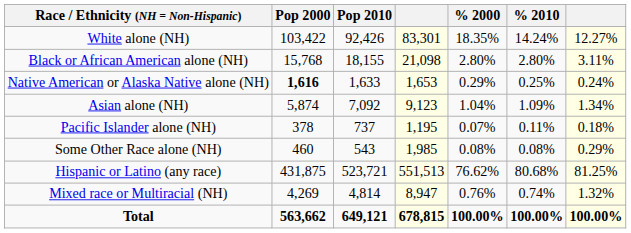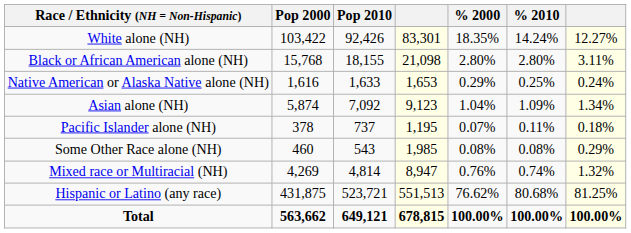 <table class="wikitable" style="text-align:center;">
 <tr>
 <th>Race / Ethnicity <small>(<em>NH = Non-Hispanic</em>)</small></th>
 <th>Pop 2000</th>
 <th>Pop 2010</th>
 <th></th>
 <th>% 2000</th>
 <th>% 2010</th>
 <th></th>
 </tr>
 <tr>
 <td><a href='#'>White</a> alone (NH)</td>
 <td>103,422</td>
 <td>92,426</td>
 <td style='background: #ffffe6;'>83,301</td>
 <td>18.35%</td>
 <td>14.24%</td>
 <td style='background: #ffffe6;'>12.27%</td>
 </tr>
 <tr>
 <td><a href='#'>Black or African American</a> alone (NH)</td>
 <td>15,768</td>
 <td>18,155</td>
 <td style='background: #ffffe6;'>21,098</td>
 <td>2.80%</td>
 <td>2.80%</td>
 <td style='background: #ffffe6;'>3.11%</td>
 </tr>
 <tr>
 <td><a href='#'>Native American</a> or <a href='#'>Alaska Native</a> alone (NH)</td>
-<td><strong>1,616</strong></td>
+<td>1,616</td>
 <td>1,633</td>
 <td style='background: #ffffe6;'>1,653</td>
 <td>0.29%</td>
 <td>0.25%</td>
 <td style='background: #ffffe6;'>0.24%</td>
 </tr>
 <tr>
 <td><a href='#'>Asian</a> alone (NH)</td>
 <td>5,874</td>
 <td>7,092</td>
 <td style='background: #ffffe6;'>9,123</td>
 <td>1.04%</td>
 <td>1.09%</td>
 <td style='background: #ffffe6;'>1.34%</td>
 </tr>
 <tr>
 <td><a href='#'>Pacific Islander</a> alone (NH)</td>
 <td>378</td>
 <td>737</td>
 <td style='background: #ffffe6;'>1,195</td>
 <td>0.07%</td>
 <td>0.11%</td>
 <td style='background: #ffffe6;'>0.18%</td>
 </tr>
 <tr>
 <td>Some Other Race alone (NH)</td>
 <td>460</td>
 <td>543</td>
 <td style='background: #ffffe6;'>1,985</td>
 <td>0.08%</td>
 <td>0.08%</td>
 <td style='background: #ffffe6;'>0.29%</td>
 </tr>
 <tr>
+<td><a href='#'>Mixed race or Multiracial</a> (NH)</td>
+<td>4,269</td>
+<td>4,814</td>
+<td style='background: #ffffe6;'>8,947</td>
+<td>0.76%</td>
+<td>0.74%</td>
+<td style='background: #ffffe6;'>1.32%</td>
+</tr>
+<tr>
 <td><a href='#'>Hispanic or Latino</a> (any race)</td>
 <td>431,875</td>
 <td>523,721</td>
 <td style='background: #ffffe6;'>551,513</td>
 <td>76.62%</td>
 <td>80.68%</td>
 <td style='background: #ffffe6;'>81.25%</td>
-</tr>
-<tr>
-<td><a href='#'>Mixed race or Multiracial</a> (NH)</td>
-<td>4,269</td>
-<td>4,814</td>
-<td style='background: #ffffe6;'>8,947</td>
-<td>0.76%</td>
-<td>0.74%</td>
-<td style='background: #ffffe6;'>1.32%</td>
 </tr>
 <tr>
 <td><strong>Total</strong></td>
 <td><strong>563,662</strong></td>
 <td><strong>649,121</strong></td>
 <td style='background: #ffffe6;'><strong>678,815</strong></td>
 <td><strong>100.00%</strong></td>
 <td><strong>100.00%</strong></td>
 <td style='background: #ffffe6;'><strong>100.00%</strong></td>
 </tr>
 </table>
